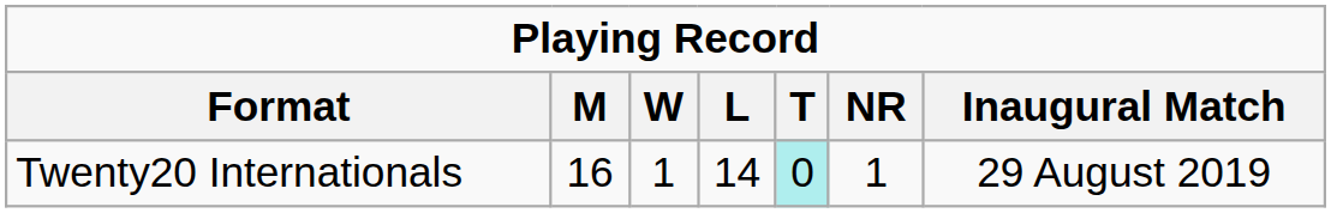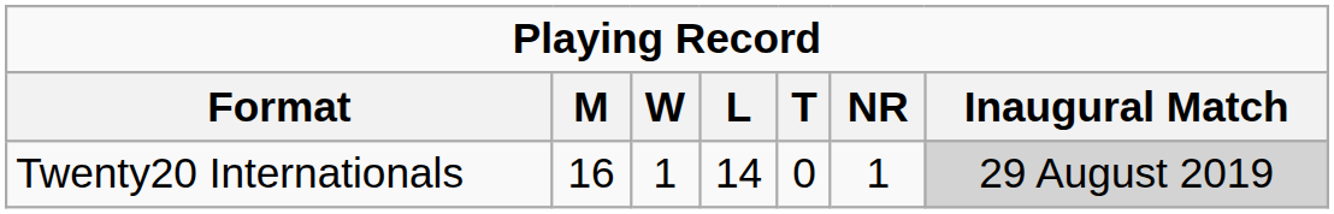 <table class="wikitable" style="text-align: center; width: 500px;">
 <tr>
 <td colspan=7 align="center"><strong>Playing Record</strong></td>
 </tr>
 <tr>
 <th>Format</th>
 <th>M</th>
 <th>W</th>
 <th>L</th>
 <th>T</th>
 <th>NR</th>
 <th>Inaugural Match</th>
 </tr>
 <tr>
 <td align="left">Twenty20 Internationals</td>
 <td>16</td>
 <td>1</td>
 <td>14</td>
-<td style="background: paleturquoise;">0</td>
+<td>0</td>
 <td>1</td>
-<td>29 August 2019</td>
+<td style="background: lightgrey;">29 August 2019</td>
 </tr>
 </table>
